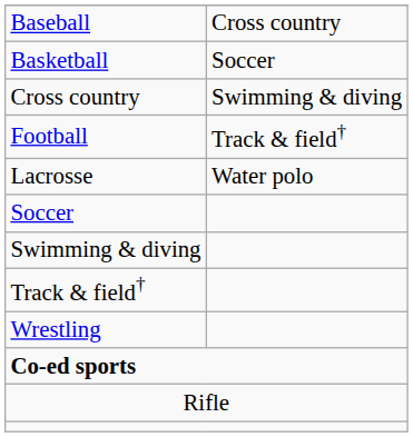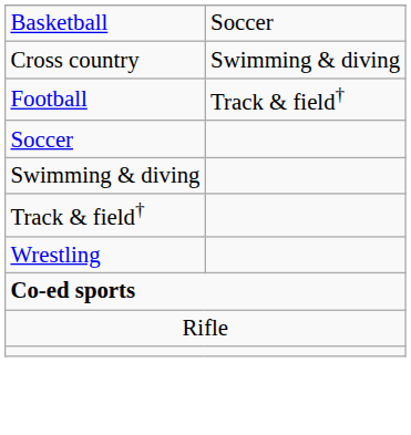 <table class="wikitable" style=" ">
 <tr>
-</tr>
-<tr>
-<td><a href='#'>Baseball</a></td>
-<td>Cross country</td>
 </tr>
 <tr>
 <td><a href='#'>Basketball</a></td>
 <td>Soccer</td>
 </tr>
 <tr>
 <td>Cross country</td>
 <td>Swimming & diving</td>
 </tr>
 <tr>
 <td><a href='#'>Football</a></td>
 <td>Track & field<sup>†</sup></td>
-</tr>
-<tr>
-<td>Lacrosse</td>
-<td>Water polo</td>
 </tr>
 <tr>
 <td><a href='#'>Soccer</a></td>
 <td></td>
 </tr>
 <tr>
 <td>Swimming & diving</td>
 <td></td>
 </tr>
 <tr>
 <td>Track & field<sup>†</sup></td>
 <td></td>
 </tr>
 <tr>
 <td><a href='#'>Wrestling</a></td>
 <td></td>
 </tr>
 <tr>
 <td colspan="2"><strong>Co-ed sports</strong></td>
 </tr>
 <tr style="text-align:center">
 <td colspan="2">Rifle</td>
 </tr>
 <tr>
 <td colspan="2"></td>
 </tr>
 </table>
